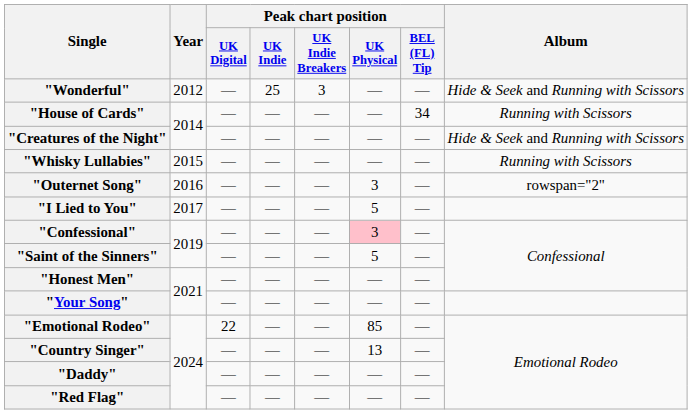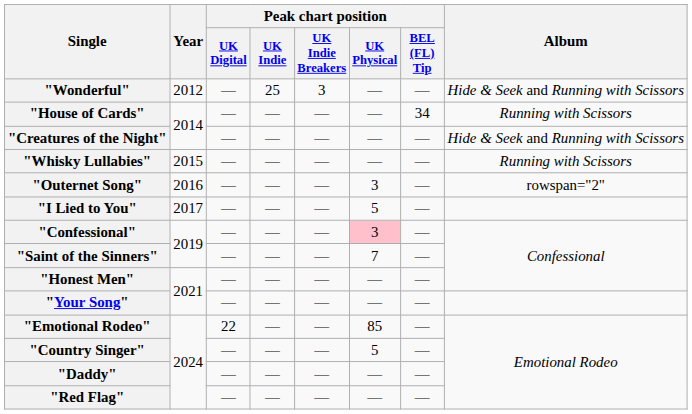 <table class="wikitable plainrowheaders" style="text-align:center;">
 <tr>
 <th scope="col" rowspan="2">Single</th>
 <th scope="col" rowspan="2">Year</th>
 <th scope="col" colspan="5">Peak chart position</th>
 <th scope="col" rowspan="2">Album</th>
 </tr>
 <tr>
 <th scope="col" style="width:3em;font-size:85%;"><a href='#'>UK Digital</a><br></th>
 <th scope="col" style="width:3em;font-size:85%;"><a href='#'>UK Indie</a><br></th>
 <th scope="col" style="width:3em;font-size:85%;"><a href='#'>UK Indie Breakers</a><br></th>
 <th scope="col" style="width:3em;font-size:85%;"><a href='#'>UK Physical</a></th>
 <th scope="col" style="width:3em;font-size:85%;"><a href='#'>BEL (FL) Tip</a><br></th>
 </tr>
 <tr>
 <th scope="row">"Wonderful"</th>
 <td>2012</td>
 <td>—</td>
 <td>25</td>
 <td>3</td>
 <td>—</td>
 <td>—</td>
 <td><em>Hide & Seek</em> and <em>Running with Scissors</em></td>
 </tr>
 <tr>
 <th scope="row">"House of Cards"</th>
 <td rowspan="2">2014</td>
 <td>—</td>
 <td>—</td>
 <td>—</td>
 <td>—</td>
 <td>34</td>
 <td><em>Running with Scissors</em></td>
 </tr>
 <tr>
 <th scope="row">"Creatures of the Night"</th>
 <td>—</td>
 <td>—</td>
 <td>—</td>
 <td>—</td>
 <td>—</td>
 <td><em>Hide & Seek</em> and <em>Running with Scissors</em></td>
 </tr>
 <tr>
 <th scope="row">"Whisky Lullabies"</th>
 <td>2015</td>
 <td>—</td>
 <td>—</td>
 <td>—</td>
 <td>—</td>
 <td>—</td>
 <td><em>Running with Scissors</em></td>
 </tr>
 <tr>
 <th scope="row">"Outernet Song"</th>
 <td>2016</td>
 <td>—</td>
 <td>—</td>
 <td>—</td>
 <td>3</td>
 <td>—</td>
 <td>rowspan="2" </td>
 </tr>
 <tr>
 <th scope="row">"I Lied to You"</th>
 <td>2017</td>
 <td>—</td>
 <td>—</td>
 <td>—</td>
 <td>5</td>
 <td>—</td>
 </tr>
 <tr>
 <th scope="row">"Confessional"</th>
 <td rowspan="2">2019</td>
 <td>—</td>
 <td>—</td>
 <td>—</td>
 <td style="background: pink;">3</td>
 <td>—</td>
 <td rowspan="3"><em>Confessional</em></td>
 </tr>
 <tr>
 <th scope="row">"Saint of the Sinners"</th>
 <td>—</td>
 <td>—</td>
 <td>—</td>
-<td>5</td>
+<td>7</td>
 <td>—</td>
 </tr>
 <tr>
 <th scope="row">"Honest Men"</th>
 <td rowspan="2">2021</td>
 <td>—</td>
 <td>—</td>
 <td>—</td>
 <td>—</td>
 <td>—</td>
 </tr>
 <tr>
 <th scope="row">"<a href='#'>Your Song</a>"</th>
 <td>—</td>
 <td>—</td>
 <td>—</td>
 <td>—</td>
 <td>—</td>
 <td></td>
 </tr>
 <tr>
 <th scope="row">"Emotional Rodeo"</th>
 <td rowspan="4">2024</td>
 <td>22</td>
 <td>—</td>
 <td>—</td>
 <td>85</td>
 <td>—</td>
 <td rowspan="4"><em>Emotional Rodeo</em></td>
 </tr>
 <tr>
 <th scope="row">"Country Singer"</th>
 <td>—</td>
 <td>—</td>
 <td>—</td>
-<td>13</td>
+<td>5</td>
 <td>—</td>
 </tr>
 <tr>
 <th scope="row">"Daddy"</th>
 <td>—</td>
 <td>—</td>
 <td>—</td>
 <td>—</td>
 <td>—</td>
 </tr>
 <tr>
 <th scope="row">"Red Flag"</th>
 <td>—</td>
 <td>—</td>
 <td>—</td>
 <td>—</td>
 <td>—</td>
 </tr>
 </table>
